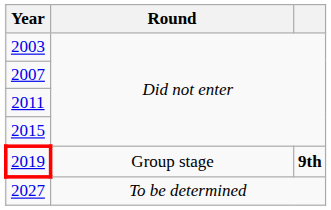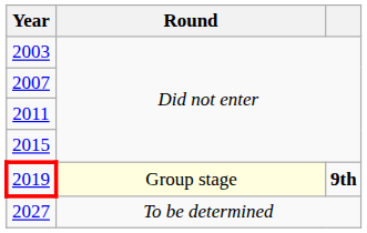 <table class="wikitable" style="text-align: center; font-size:90%">
 <tr>
 <th>Year</th>
 <th style="width:200px">Round</th>
 <th></th>
 </tr>
 <tr>
 <td><a href='#'>2003</a></td>
 <td colspan="2" rowspan="4"><em>Did not enter</em></td>
 </tr>
 <tr>
 <td><a href='#'>2007</a></td>
 </tr>
 <tr>
 <td><a href='#'>2011</a></td>
 </tr>
 <tr>
 <td><a href='#'>2015</a></td>
 </tr>
 <tr>
 <td style="border: 3px solid red"><a href='#'>2019</a></td>
-<td>Group stage</td>
+<td style="background: lightyellow;">Group stage</td>
 <td><strong>9th</strong></td>
 </tr>
 <tr>
 <td><a href='#'>2027</a></td>
 <td colspan="2"><em>To be determined</em></td>
 </tr>
 </table>
